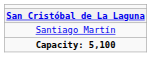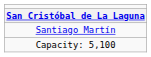 <table class="wikitable" style="margin:1em auto; text-align:center">
 <tr>
 <td></td>
 </tr>
 <tr>
 <th><a href='#'>San Cristóbal de La Laguna</a></th>
 </tr>
 <tr>
 <td><a href='#'>Santiago Martín</a></td>
 </tr>
 <tr>
-<td><strong>Capacity: 5,100</strong></td>
+<td>Capacity: 5,100</td>
 </tr>
 </table>
